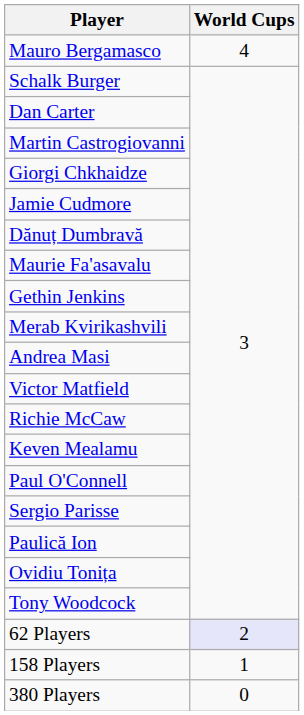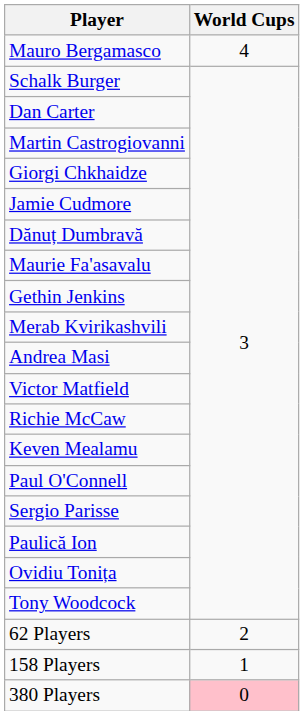 <table class="wikitable" style="text-align:center">
 <tr>
 <th>Player</th>
 <th>World Cups</th>
 </tr>
 <tr>
 <td align="left"> <a href='#'>Mauro Bergamasco</a></td>
 <td>4</td>
 </tr>
 <tr>
 <td align="left"> <a href='#'>Schalk Burger</a></td>
 <td rowspan=18>3</td>
 </tr>
 <tr>
 <td align="left"> <a href='#'>Dan Carter</a></td>
 </tr>
 <tr>
 <td align="left"> <a href='#'>Martin Castrogiovanni</a></td>
 </tr>
 <tr>
 <td align="left"> <a href='#'>Giorgi Chkhaidze</a></td>
 </tr>
 <tr>
 <td align="left"> <a href='#'>Jamie Cudmore</a></td>
 </tr>
 <tr>
 <td align="left"> <a href='#'>Dănuț Dumbravă</a></td>
 </tr>
 <tr>
 <td align="left"> <a href='#'>Maurie Fa'asavalu</a></td>
 </tr>
 <tr>
 <td align="left"> <a href='#'>Gethin Jenkins</a></td>
 </tr>
 <tr>
 <td align="left"> <a href='#'>Merab Kvirikashvili</a></td>
 </tr>
 <tr>
 <td align="left"> <a href='#'>Andrea Masi</a></td>
 </tr>
 <tr>
 <td align="left"> <a href='#'>Victor Matfield</a></td>
 </tr>
 <tr>
 <td align="left"> <a href='#'>Richie McCaw</a></td>
 </tr>
 <tr>
 <td align="left"> <a href='#'>Keven Mealamu</a></td>
 </tr>
 <tr>
 <td align="left"> <a href='#'>Paul O'Connell</a></td>
 </tr>
 <tr>
 <td align="left"> <a href='#'>Sergio Parisse</a></td>
 </tr>
 <tr>
 <td align="left"> <a href='#'>Paulică Ion</a></td>
 </tr>
 <tr>
 <td align="left"> <a href='#'>Ovidiu Tonița</a></td>
 </tr>
 <tr>
 <td align="left"> <a href='#'>Tony Woodcock</a></td>
 </tr>
 <tr>
 <td align="left">62 Players</td>
-<td style="background: lavender;">2</td>
+<td>2</td>
 </tr>
 <tr>
 <td align="left">158 Players</td>
 <td>1</td>
 </tr>
 <tr>
 <td align="left">380 Players</td>
-<td>0</td>
+<td style="background: pink;">0</td>
 </tr>
 </table>
